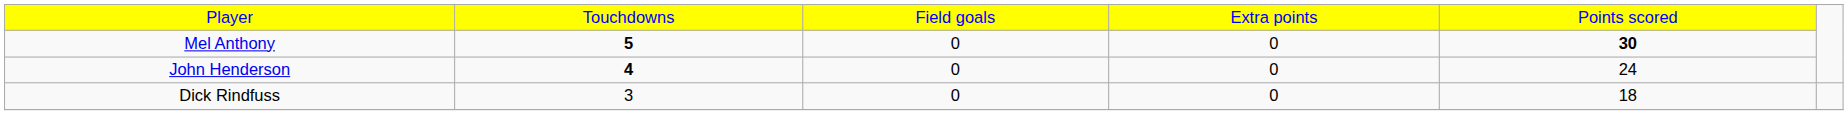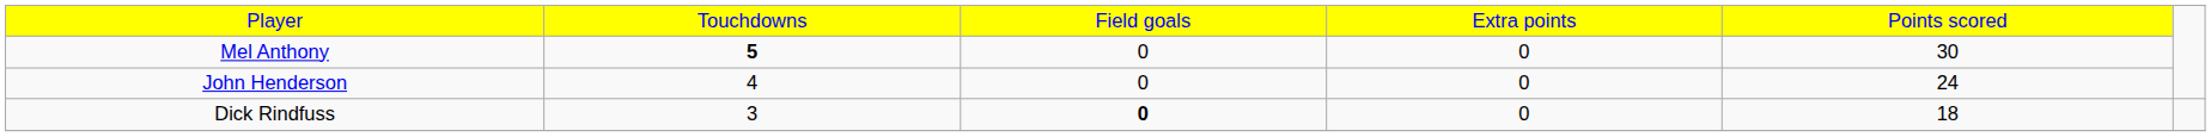 <table class="wikitable" width="90%">
 <tr align="center"  style="background:yellow;color:blue;">
 <td>Player</td>
 <td>Touchdowns</td>
 <td>Field goals</td>
 <td>Extra points</td>
 <td>Points scored</td>
 </tr>
 <tr align="center" bgcolor="">
 <td><a href='#'>Mel Anthony</a></td>
 <td><strong>5</strong></td>
 <td>0</td>
 <td>0</td>
-<td><strong>30</strong></td>
+<td>30</td>
 </tr>
 <tr align="center" bgcolor="">
 <td><a href='#'>John Henderson</a></td>
-<td><strong>4</strong></td>
+<td>4</td>
 <td>0</td>
 <td>0</td>
 <td>24</td>
 </tr>
 <tr align="center" bgcolor="">
 <td>Dick Rindfuss</td>
 <td>3</td>
-<td>0</td>
+<td><strong>0</strong></td>
 <td>0</td>
 <td>18</td>
 <td></td>
 </tr>
 <tr>
 </tr>
 </table>
